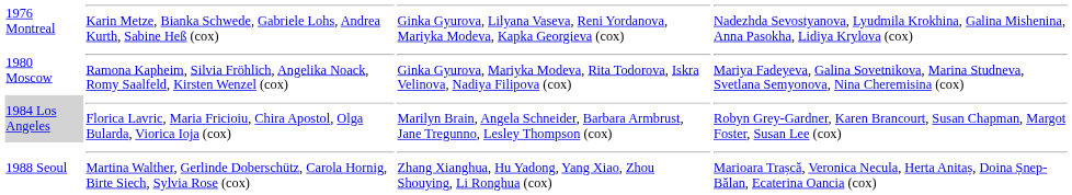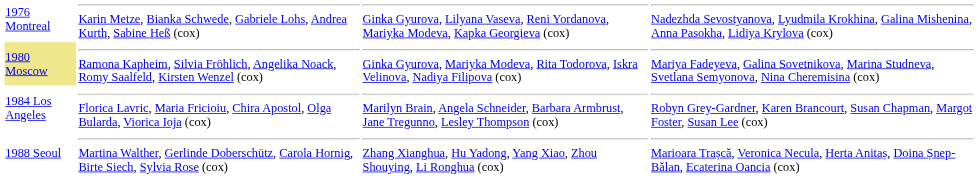 <table>
 <tr>
 <td><a href='#'>1976 Montreal</a><br></td>
 <td><hr><a href='#'>Karin Metze</a>, <a href='#'>Bianka Schwede</a>, <a href='#'>Gabriele Lohs</a>, <a href='#'>Andrea Kurth</a>, <a href='#'>Sabine Heß</a> (cox)</td>
 <td><hr><a href='#'>Ginka Gyurova</a>, <a href='#'>Lilyana Vaseva</a>, <a href='#'>Reni Yordanova</a>, <a href='#'>Mariyka Modeva</a>, <a href='#'>Kapka Georgieva</a> (cox)</td>
 <td><hr><a href='#'>Nadezhda Sevostyanova</a>, <a href='#'>Lyudmila Krokhina</a>, <a href='#'>Galina Mishenina</a>, <a href='#'>Anna Pasokha</a>, <a href='#'>Lidiya Krylova</a> (cox)</td>
 </tr>
 <tr>
-<td><a href='#'>1980 Moscow</a><br></td>
+<td style="background: khaki;"><a href='#'>1980 Moscow</a><br></td>
 <td><hr><a href='#'>Ramona Kapheim</a>, <a href='#'>Silvia Fröhlich</a>, <a href='#'>Angelika Noack</a>, <a href='#'>Romy Saalfeld</a>, <a href='#'>Kirsten Wenzel</a> (cox)</td>
 <td><hr><a href='#'>Ginka Gyurova</a>, <a href='#'>Mariyka Modeva</a>, <a href='#'>Rita Todorova</a>, <a href='#'>Iskra Velinova</a>, <a href='#'>Nadiya Filipova</a> (cox)</td>
 <td><hr><a href='#'>Mariya Fadeyeva</a>, <a href='#'>Galina Sovetnikova</a>, <a href='#'>Marina Studneva</a>, <a href='#'>Svetlana Semyonova</a>, <a href='#'>Nina Cheremisina</a> (cox)</td>
 </tr>
 <tr>
-<td style="background: lightgrey;"><a href='#'>1984 Los Angeles</a><br></td>
+<td><a href='#'>1984 Los Angeles</a><br></td>
 <td><hr><a href='#'>Florica Lavric</a>, <a href='#'>Maria Fricioiu</a>, <a href='#'>Chira Apostol</a>, <a href='#'>Olga Bularda</a>, <a href='#'>Viorica Ioja</a> (cox)</td>
 <td><hr><a href='#'>Marilyn Brain</a>, <a href='#'>Angela Schneider</a>, <a href='#'>Barbara Armbrust</a>, <a href='#'>Jane Tregunno</a>, <a href='#'>Lesley Thompson</a> (cox)</td>
 <td><hr><a href='#'>Robyn Grey-Gardner</a>, <a href='#'>Karen Brancourt</a>, <a href='#'>Susan Chapman</a>, <a href='#'>Margot Foster</a>, <a href='#'>Susan Lee</a> (cox)</td>
 </tr>
 <tr>
 <td><a href='#'>1988 Seoul</a><br></td>
 <td><hr><a href='#'>Martina Walther</a>, <a href='#'>Gerlinde Doberschütz</a>, <a href='#'>Carola Hornig</a>, <a href='#'>Birte Siech</a>, <a href='#'>Sylvia Rose</a> (cox)</td>
 <td><hr><a href='#'>Zhang Xianghua</a>, <a href='#'>Hu Yadong</a>, <a href='#'>Yang Xiao</a>, <a href='#'>Zhou Shouying</a>, <a href='#'>Li Ronghua</a> (cox)</td>
 <td><hr><a href='#'>Marioara Trașcă</a>, <a href='#'>Veronica Necula</a>, <a href='#'>Herta Anitaș</a>, <a href='#'>Doina Șnep-Bălan</a>, <a href='#'>Ecaterina Oancia</a> (cox)</td>
 </tr>
 </table>
